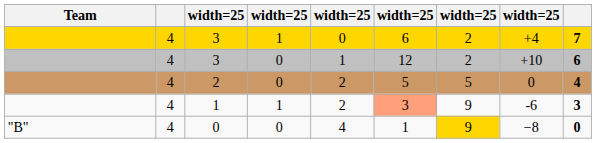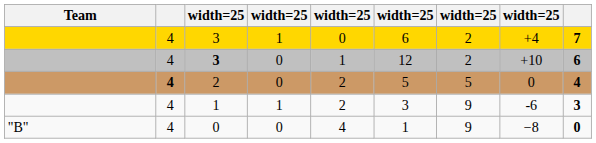 <table class="wikitable" style="text-align: center;">
 <tr>
 <th style="width:165px;">Team</th>
 <th width=25></th>
 <th>width=25</th>
 <th>width=25</th>
 <th>width=25</th>
 <th>width=25</th>
 <th>width=25</th>
 <th>width=25</th>
 <th width=25></th>
 </tr>
 <tr style="background:gold;">
 <td align="left"></td>
 <td>4</td>
 <td>3</td>
 <td>1</td>
 <td>0</td>
 <td>6</td>
 <td>2</td>
 <td>+4</td>
 <td><strong>7</strong></td>
 </tr>
 <tr style="background:silver;">
 <td align="left"></td>
 <td>4</td>
-<td>3</td>
+<td><strong>3</strong></td>
 <td>0</td>
 <td>1</td>
 <td>12</td>
 <td>2</td>
 <td>+10</td>
 <td><strong>6</strong></td>
 </tr>
 <tr style="background:#c96;">
 <td align="left"></td>
-<td>4</td>
+<td><strong>4</strong></td>
 <td>2</td>
 <td>0</td>
 <td>2</td>
 <td>5</td>
 <td>5</td>
 <td>0</td>
 <td><strong>4</strong></td>
 </tr>
 <tr>
 <td align="left"></td>
 <td>4</td>
 <td>1</td>
 <td>1</td>
 <td>2</td>
-<td style="background: lightsalmon;">3</td>
+<td>3</td>
 <td>9</td>
 <td>-6</td>
 <td><strong>3</strong></td>
 </tr>
 <tr>
 <td align="left"> "B"</td>
 <td>4</td>
 <td>0</td>
 <td>0</td>
 <td>4</td>
 <td>1</td>
-<td style="background: gold;">9</td>
+<td>9</td>
 <td>−8</td>
 <td><strong>0</strong></td>
 </tr>
 </table>
